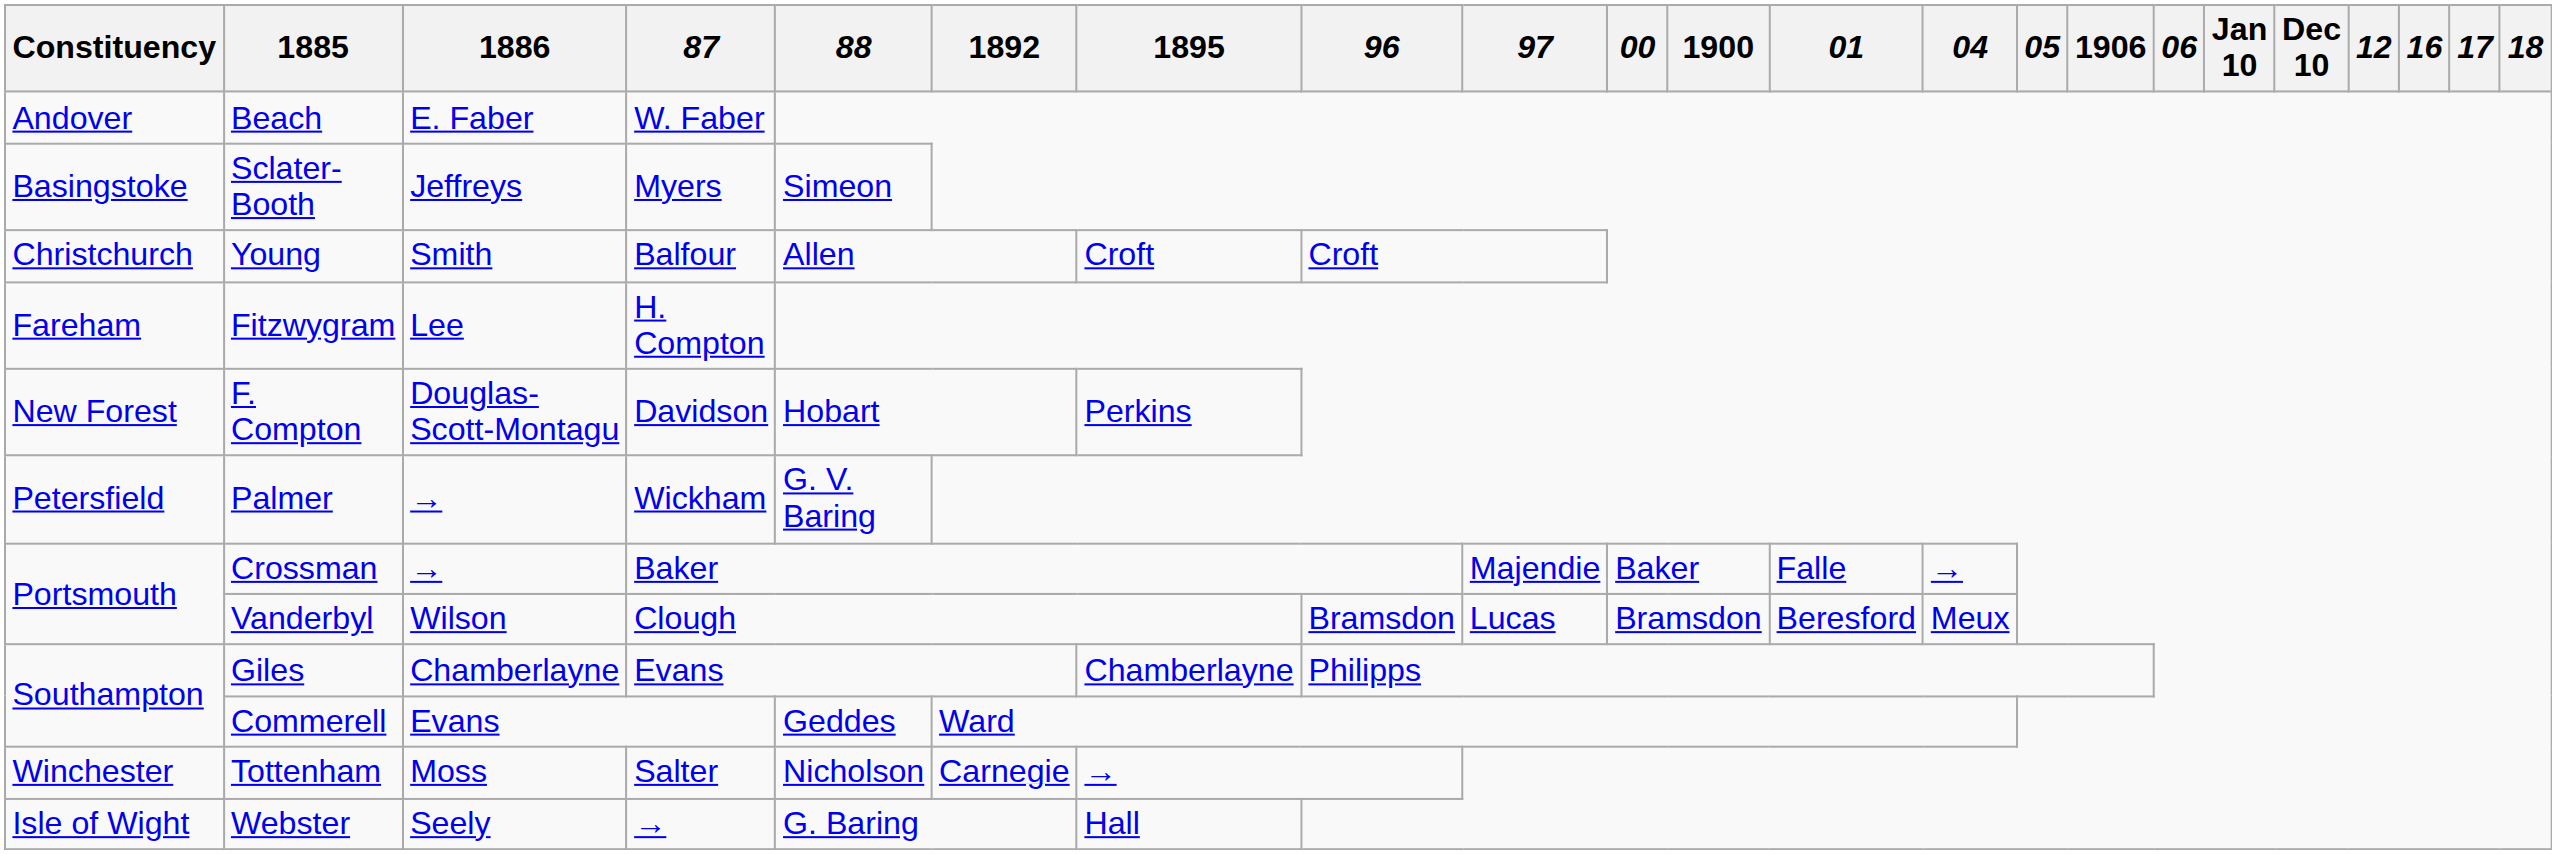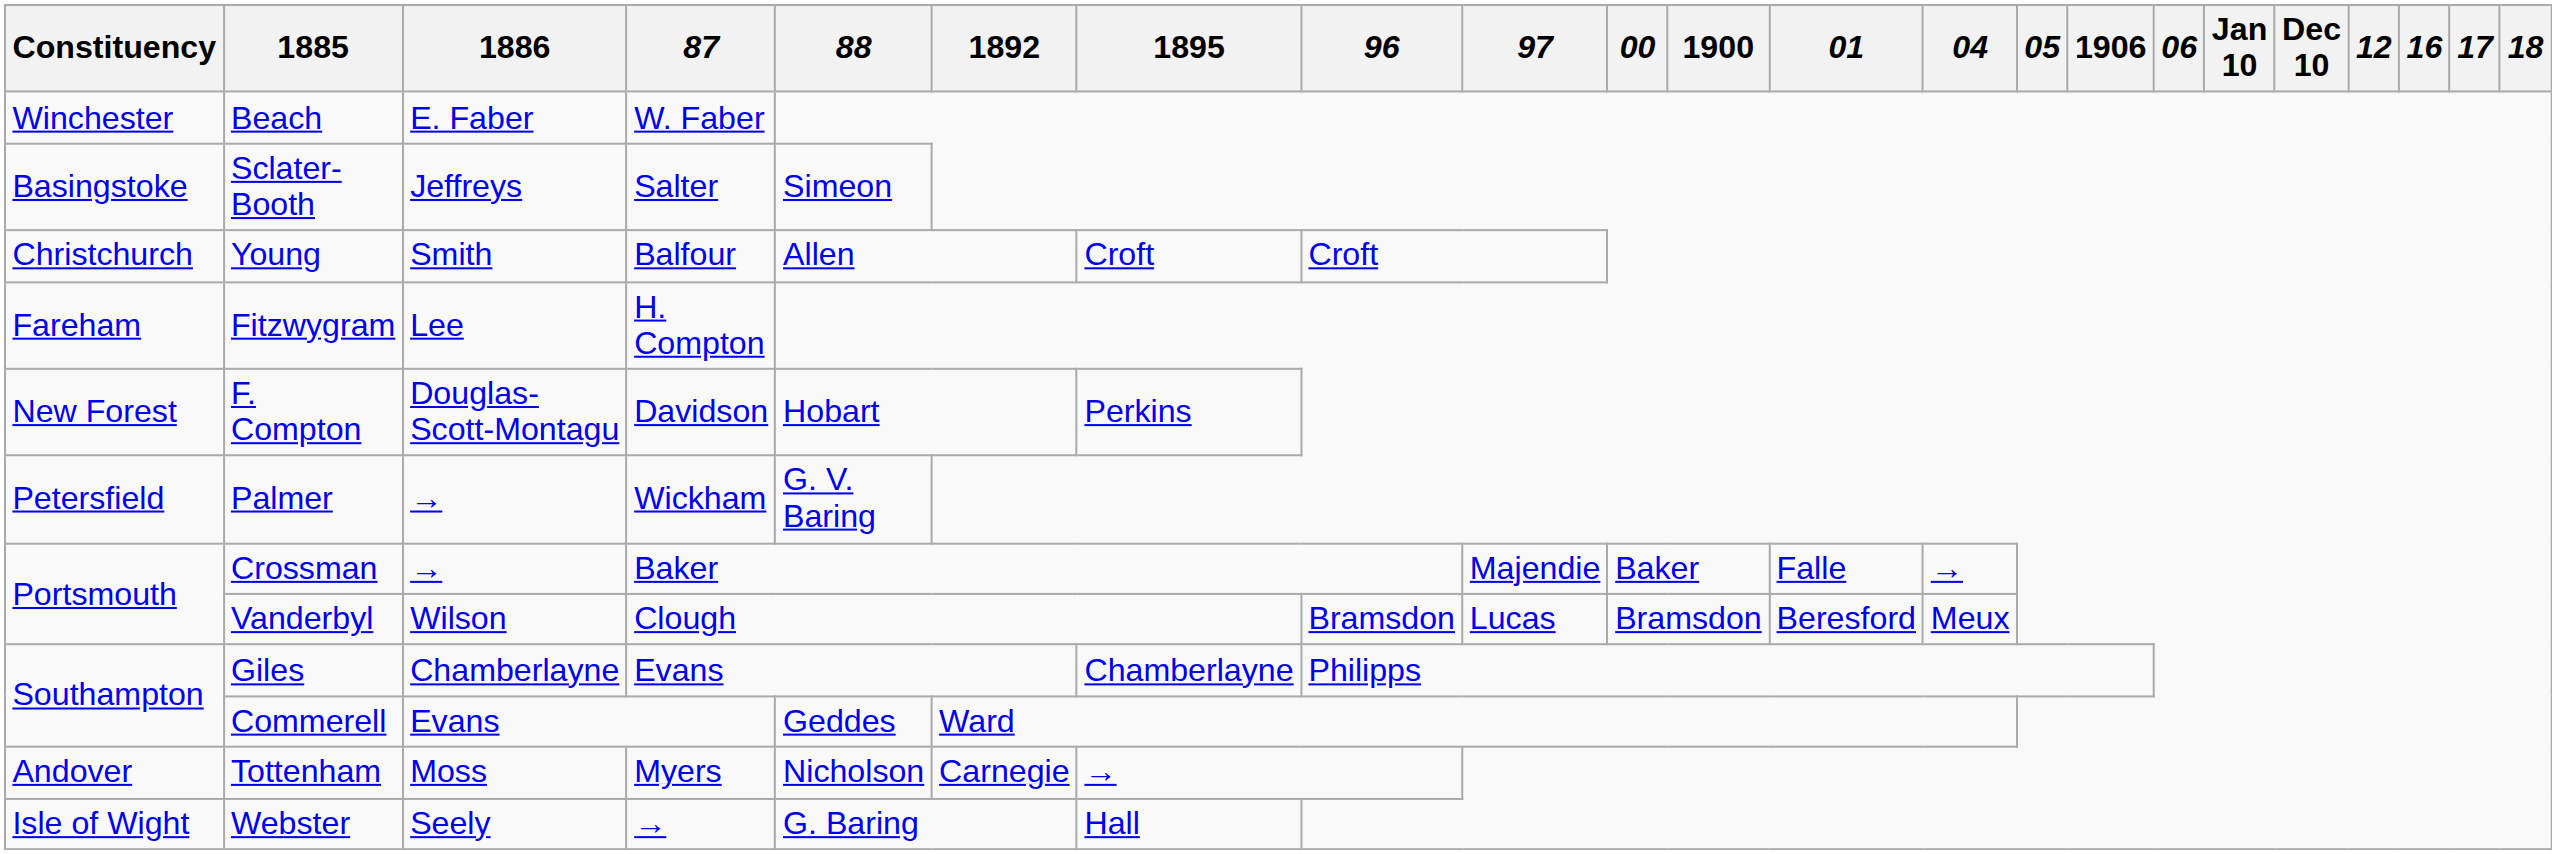 <table class="wikitable">
 <tr>
 <th>Constituency</th>
 <th>1885</th>
 <th>1886</th>
 <th><em>87</em></th>
 <th><em>88</em></th>
 <th>1892</th>
 <th>1895</th>
 <th><em>96</em></th>
 <th><em>97</em></th>
 <th><em>00</em></th>
 <th>1900</th>
 <th><em>01</em></th>
 <th><em>04</em></th>
 <th><em>05</em></th>
 <th>1906</th>
 <th><em>06</em></th>
 <th>Jan 10</th>
 <th>Dec 10</th>
 <th><em>12</em></th>
 <th><em>16</em></th>
 <th><em>17</em></th>
 <th><em>18</em></th>
 </tr>
 <tr>
-<td><a href='#'>Andover</a></td>
+<td><a href='#'>Winchester</a></td>
 <td><a href='#'>Beach</a></td>
 <td><a href='#'>E. Faber</a></td>
 <td><a href='#'>W. Faber</a></td>
 </tr>
 <tr>
 <td><a href='#'>Basingstoke</a></td>
 <td><a href='#'>Sclater-Booth</a></td>
 <td><a href='#'>Jeffreys</a></td>
-<td><a href='#'>Myers</a></td>
+<td><a href='#'>Salter</a></td>
 <td><a href='#'>Simeon</a></td>
 </tr>
 <tr>
 <td><a href='#'>Christchurch</a></td>
 <td><a href='#'>Young</a></td>
 <td><a href='#'>Smith</a></td>
 <td><a href='#'>Balfour</a></td>
 <td colspan="2"><a href='#'>Allen</a></td>
 <td><a href='#'>Croft</a></td>
 <td colspan="2"><a href='#'>Croft</a></td>
 </tr>
 <tr>
 <td><a href='#'>Fareham</a></td>
 <td><a href='#'>Fitzwygram</a></td>
 <td><a href='#'>Lee</a></td>
 <td><a href='#'>H. Compton</a></td>
 </tr>
 <tr>
 <td><a href='#'>New Forest</a></td>
 <td><a href='#'>F. Compton</a></td>
 <td><a href='#'>Douglas-Scott-Montagu</a></td>
 <td><a href='#'>Davidson</a></td>
 <td colspan="2"><a href='#'>Hobart</a></td>
 <td><a href='#'>Perkins</a></td>
 </tr>
 <tr>
 <td><a href='#'>Petersfield</a></td>
 <td><a href='#'>Palmer</a></td>
 <td><a href='#'>→</a></td>
 <td><a href='#'>Wickham</a></td>
 <td><a href='#'>G. V. Baring</a></td>
 </tr>
 <tr>
 <td rowspan="2"><a href='#'>Portsmouth</a></td>
 <td><a href='#'>Crossman</a></td>
 <td><a href='#'>→</a></td>
 <td colspan="5"><a href='#'>Baker</a></td>
 <td><a href='#'>Majendie</a></td>
 <td colspan="2"><a href='#'>Baker</a></td>
 <td><a href='#'>Falle</a></td>
 <td><a href='#'>→</a></td>
 </tr>
 <tr>
 <td><a href='#'>Vanderbyl</a></td>
 <td><a href='#'>Wilson</a></td>
 <td colspan="4"><a href='#'>Clough</a></td>
 <td><a href='#'>Bramsdon</a></td>
 <td><a href='#'>Lucas</a></td>
 <td colspan="2"><a href='#'>Bramsdon</a></td>
 <td><a href='#'>Beresford</a></td>
 <td><a href='#'>Meux</a></td>
 </tr>
 <tr>
 <td rowspan="2"><a href='#'>Southampton</a></td>
 <td><a href='#'>Giles</a></td>
 <td><a href='#'>Chamberlayne</a></td>
 <td colspan="3"><a href='#'>Evans</a></td>
 <td><a href='#'>Chamberlayne</a></td>
 <td colspan="8"><a href='#'>Philipps</a></td>
 </tr>
 <tr>
 <td><a href='#'>Commerell</a></td>
 <td colspan="2"><a href='#'>Evans</a></td>
 <td><a href='#'>Geddes</a></td>
 <td colspan="8"><a href='#'>Ward</a></td>
 </tr>
 <tr>
-<td><a href='#'>Winchester</a></td>
+<td><a href='#'>Andover</a></td>
 <td><a href='#'>Tottenham</a></td>
 <td><a href='#'>Moss</a></td>
-<td><a href='#'>Salter</a></td>
+<td><a href='#'>Myers</a></td>
 <td><a href='#'>Nicholson</a></td>
 <td><a href='#'>Carnegie</a></td>
 <td colspan="2"><a href='#'>→</a></td>
 </tr>
 <tr>
 <td><a href='#'>Isle of Wight</a></td>
 <td><a href='#'>Webster</a></td>
 <td><a href='#'>Seely</a></td>
 <td><a href='#'>→</a></td>
 <td colspan="2"><a href='#'>G. Baring</a></td>
 <td><a href='#'>Hall</a></td>
 </tr>
 </table>
